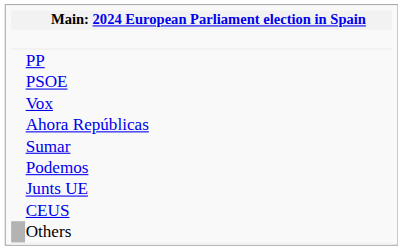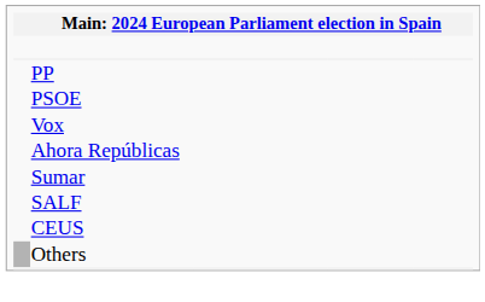 <table class="infobox vcard" style="width:23.0em; padding:0.3em; padding-bottom:0em;" cellspacing=0>
 <tr>
 <td style="background:#F2F2F2; vertical-align:middle; padding:0.4em;" width="30px"></td>
 <th colspan="4" style="text-align:center; background:#F2F2F2; font-size:0.85em; width:100%; vertical-align:middle;">Main: <a href='#'>2024 European Parliament election in Spain</a></th>
 </tr>
 <tr>
 <td colspan="5" style="text-align:center; font-size:0.85em; padding:0.5em 0em;">  </td>
 </tr>
 <tr>
 <td colspan="5"></td>
 </tr>
 <tr>
 <td colspan="5"></td>
 </tr>
 <tr>
 <th colspan="2" style="background:#F2F2F2;"></th>
 <th style="background:#F2F2F2;"></th>
 <th style="background:#F2F2F2;"></th>
 <th style="background:#F2F2F2;"></th>
 </tr>
 <tr>
 <td style="background:"></td>
 <td width="85px"><a href='#'>PP</a></td>
 <td width="70px"></td>
 <td width="45px"></td>
 <td width="30px"></td>
 </tr>
 <tr>
 <td style="background:"></td>
 <td><a href='#'>PSOE</a></td>
 <td></td>
 <td></td>
 <td></td>
 </tr>
 <tr>
 <td style="background:"></td>
 <td><a href='#'>Vox</a></td>
 <td></td>
 <td></td>
 <td></td>
 </tr>
 <tr>
 <td style="background:"></td>
 <td><a href='#'>Ahora Repúblicas</a></td>
 <td></td>
 <td></td>
 <td></td>
 </tr>
 <tr>
 <td style="background:"></td>
 <td><a href='#'>Sumar</a></td>
 <td></td>
 <td></td>
 <td></td>
 </tr>
 <tr>
 <td style="background:"></td>
-<td><a href='#'>Podemos</a></td>
-<td></td>
-<td></td>
-<td></td>
-</tr>
-<tr>
-<td style="background:"></td>
-<td><a href='#'>Junts UE</a></td>
+<td><a href='#'>SALF</a></td>
 <td></td>
 <td></td>
 <td></td>
 </tr>
 <tr>
 <td style="background:"></td>
 <td><a href='#'>CEUS</a></td>
 <td></td>
 <td></td>
 <td></td>
 </tr>
 <tr>
 <td style="background:#B3B3B3;"></td>
 <td>Others</td>
 <td></td>
 <td></td>
 <td></td>
 </tr>
 <tr>
 <th colspan="2" style="background:#F2F2F2;"></th>
 <th style="background:#F2F2F2;"></th>
 <th style="background:#F2F2F2;"></th>
 <th style="background:#F2F2F2;"></th>
 </tr>
 </table>
